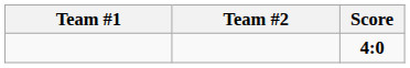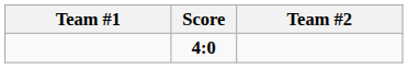 <table class="wikitable" style="text-align:center;">
 <tr>
 <th width=140>Team #1</th>
+<th width=50>Score</th>
 <th width=140>Team #2</th>
-<th width=50>Score</th>
 </tr>
 <tr>
 <td style="text-align:right;"></td>
+<td><strong>4:0</strong></td>
 <td style="text-align:left;"></td>
-<td><strong>4:0</strong></td>
 </tr>
 </table>
